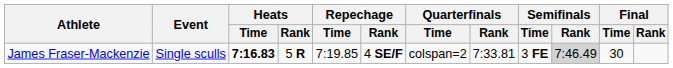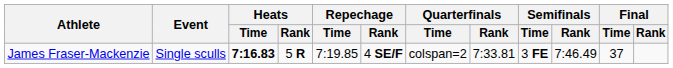 <table class="wikitable" style="font-size:90%">
 <tr>
 <th rowspan="2">Athlete</th>
 <th rowspan="2">Event</th>
 <th colspan="2">Heats</th>
 <th colspan="2">Repechage</th>
 <th colspan=2>Quarterfinals</th>
 <th colspan="2">Semifinals</th>
 <th colspan="2">Final</th>
 </tr>
 <tr style="font-size:95%">
 <th>Time</th>
 <th>Rank</th>
 <th>Time</th>
 <th>Rank</th>
 <th>Time</th>
 <th>Rank</th>
 <th>Time</th>
 <th>Rank</th>
 <th>Time</th>
 <th>Rank</th>
 </tr>
 <tr align=center>
 <td align=left><a href='#'>James Fraser-Mackenzie</a></td>
 <td align=left><a href='#'>Single sculls</a></td>
 <td><strong>7:16.83</strong></td>
 <td>5 <strong>R</strong></td>
 <td>7:19.85</td>
 <td>4 <strong>SE/F</strong></td>
 <td>colspan=2 </td>
 <td>7:33.81</td>
 <td>3 <strong>FE</strong></td>
-<td style="background: lightgrey;">7:46.49</td>
-<td>30</td>
+<td>7:46.49</td>
+<td>37</td>
 </tr>
 </table>
